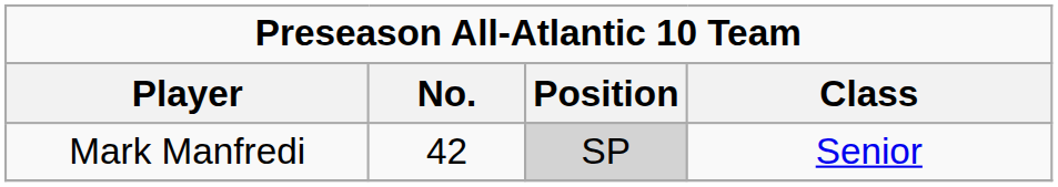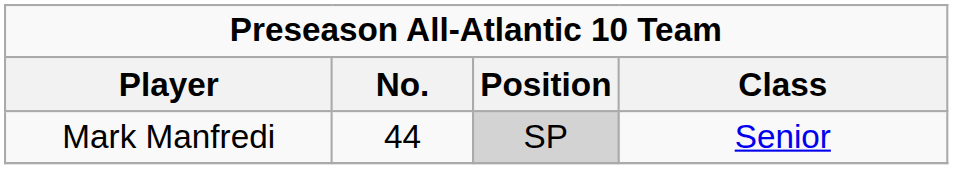 <table class="wikitable" style="text-align:center">
 <tr>
 <td colspan="5"><strong>Preseason All-Atlantic 10 Team</strong></td>
 </tr>
 <tr>
 <th style="width:150px; ">Player</th>
 <th style="width:60px; ">No.</th>
 <th style="width:60px; ">Position</th>
 <th style="width:150px; ">Class</th>
 </tr>
 <tr>
 <td>Mark Manfredi</td>
-<td>42</td>
+<td>44</td>
 <td style="background: lightgrey;">SP</td>
 <td><a href='#'>Senior</a></td>
 </tr>
 <tr>
 </tr>
 </table>
